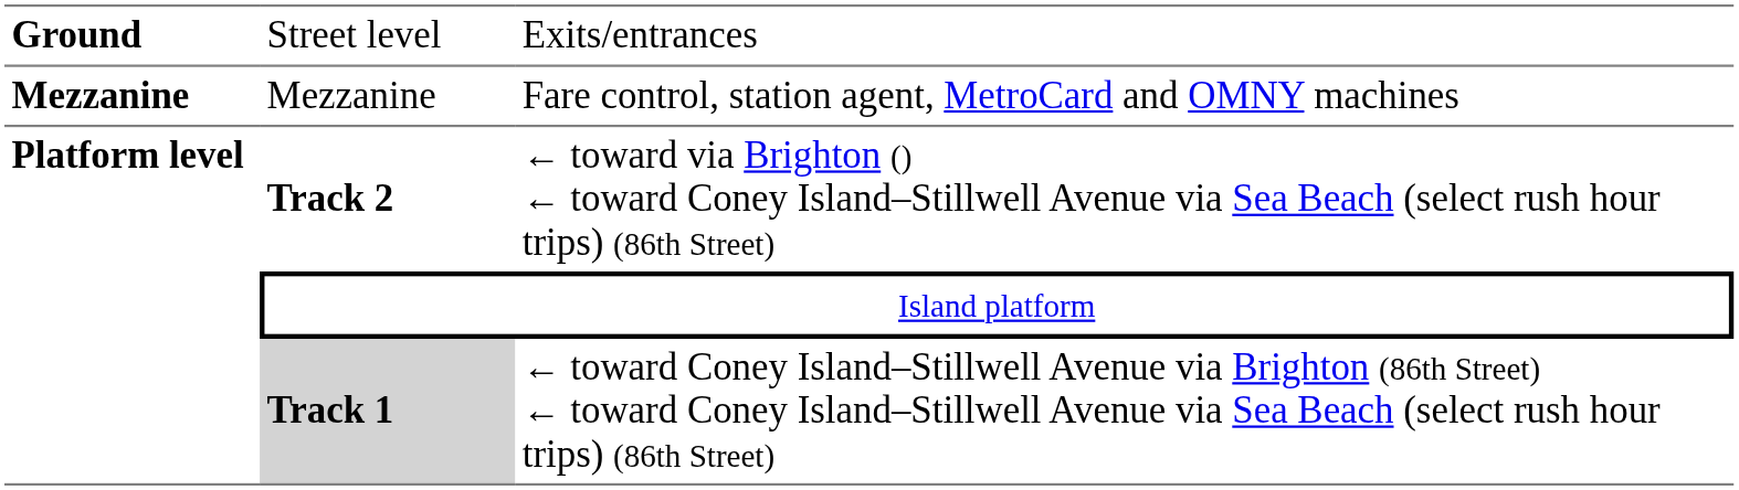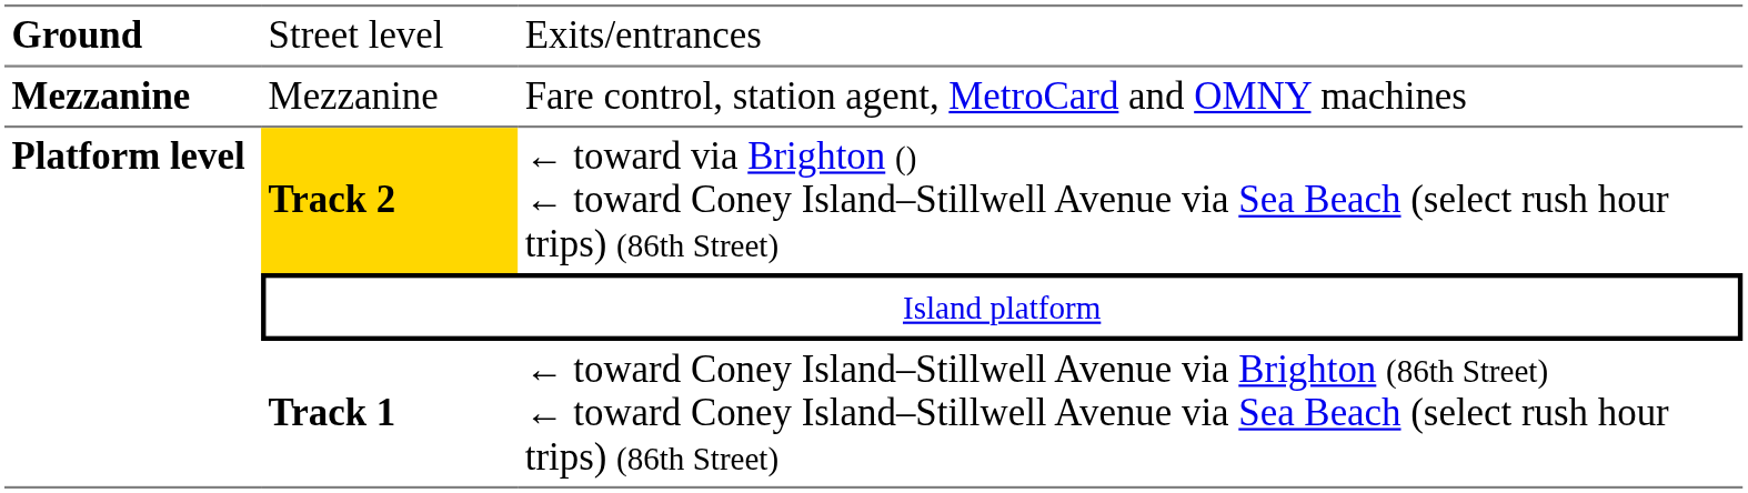 <table table border=0 cellspacing=0 cellpadding=3>
 <tr>
 <td style="border-bottom:solid 1px gray;border-top:solid 1px gray;" width=100><strong>Ground</strong></td>
 <td style="border-top:solid 1px gray;border-bottom:solid 1px gray;" width=100>Street level</td>
 <td style="border-top:solid 1px gray;border-bottom:solid 1px gray;" width=500>Exits/entrances</td>
 </tr>
 <tr>
 <td style="border-bottom:solid 1px gray;"><strong>Mezzanine</strong></td>
 <td style="border-bottom:solid 1px gray;">Mezzanine</td>
 <td style="border-bottom:solid 1px gray;">Fare control, station agent, <a href='#'>MetroCard</a> and <a href='#'>OMNY</a> machines<br></td>
 </tr>
 <tr>
 <td style="border-bottom:solid 1px gray;vertical-align:top;" rowspan=3><strong>Platform level</strong></td>
-<td><span><strong>Track 2</strong></span></td>
+<td style="background: gold;"><span><strong>Track 2</strong></span></td>
 <td>←  toward  via <a href='#'>Brighton</a>  <small>()</small><br>←  toward Coney Island–Stillwell Avenue via <a href='#'>Sea Beach</a> (select rush hour trips) <small>(86th Street)</small></td>
 </tr>
 <tr>
 <td style="border: 2px solid black; border-image: none;" colspan="2" align="center"><small><a href='#'>Island platform</a> </small></td>
 </tr>
 <tr>
-<td style="background: lightgrey; border-bottom:solid 1px gray;"><span><strong>Track 1</strong></span></td>
+<td style="border-bottom:solid 1px gray;"><span><strong>Track 1</strong></span></td>
 <td style="border-bottom:solid 1px gray;">←  toward Coney Island–Stillwell Avenue via <a href='#'>Brighton</a>  <small>(86th Street)</small><br>←  toward Coney Island–Stillwell Avenue via <a href='#'>Sea Beach</a> (select rush hour trips) <small>(86th Street)</small></td>
 </tr>
 </table>
